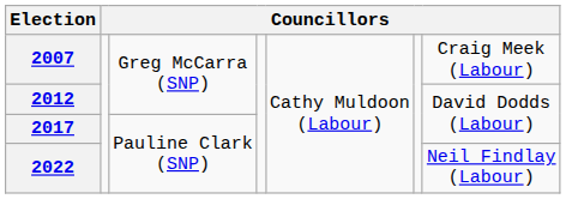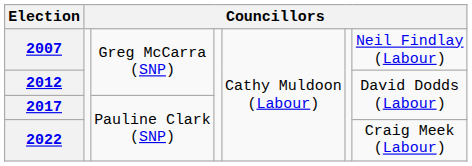 <table class="wikitable" style="text-align:center">
 <tr>
 <th>Election</th>
 <th colspan=8>Councillors</th>
 </tr>
 <tr>
 <th><a href='#'>2007</a></th>
 <td rowspan=4; style="background-color: "></td>
 <td rowspan=2>Greg McCarra<br>(<a href='#'>SNP</a>)</td>
 <td rowspan=4; style="background-color: "></td>
 <td rowspan=4>Cathy Muldoon<br>(<a href='#'>Labour</a>)</td>
 <td rowspan=4; style="background-color: "></td>
-<td rowspan=1>Craig Meek<br>(<a href='#'>Labour</a>)</td>
+<td rowspan=1><a href='#'>Neil Findlay</a><br>(<a href='#'>Labour</a>)</td>
 </tr>
 <tr>
 <th><a href='#'>2012</a></th>
 <td rowspan=2>David Dodds<br>(<a href='#'>Labour</a>)</td>
 </tr>
 <tr>
 <th><a href='#'>2017</a></th>
 <td rowspan=2>Pauline Clark<br>(<a href='#'>SNP</a>)</td>
 </tr>
 <tr>
 <th><a href='#'>2022</a></th>
-<td rowspan=1><a href='#'>Neil Findlay</a><br>(<a href='#'>Labour</a>)</td>
+<td rowspan=1>Craig Meek<br>(<a href='#'>Labour</a>)</td>
 </tr>
 </table>
